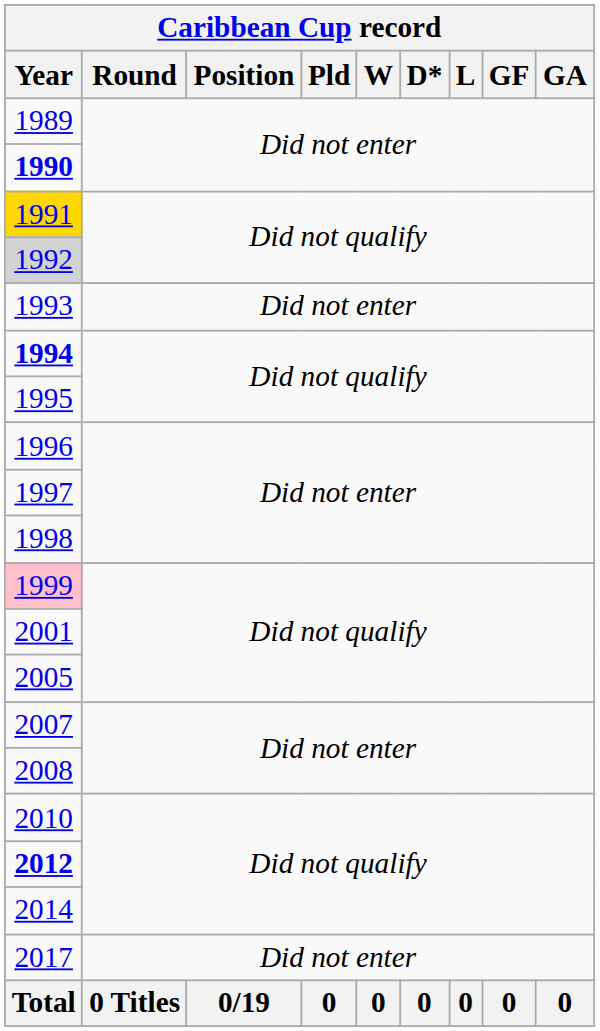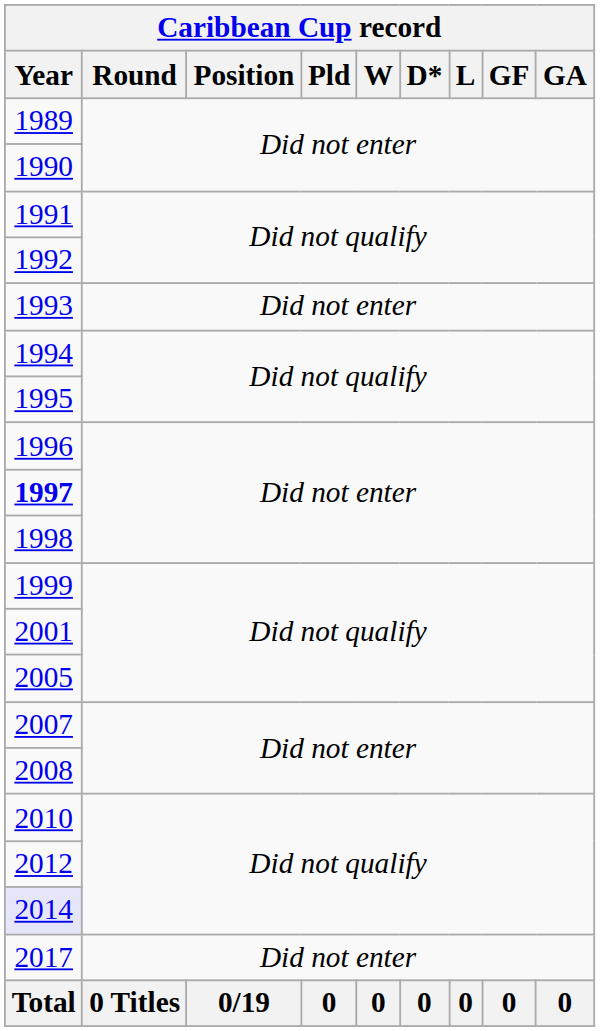 <table class="wikitable" style="text-align: center;">
 <tr>
 <th colspan=9><a href='#'>Caribbean Cup</a> record</th>
 </tr>
 <tr>
 <th>Year</th>
 <th>Round</th>
 <th>Position</th>
 <th>Pld</th>
 <th>W</th>
 <th>D*</th>
 <th>L</th>
 <th>GF</th>
 <th>GA</th>
 </tr>
 <tr>
 <td> <a href='#'>1989</a></td>
 <td colspan=8 rowspan=2><em>Did not enter</em></td>
 </tr>
 <tr>
-<td><strong> <a href='#'>1990</a></strong></td>
+<td> <a href='#'>1990</a></td>
 </tr>
 <tr>
-<td style="background: gold;"> <a href='#'>1991</a></td>
+<td> <a href='#'>1991</a></td>
 <td Colspan=8 rowspan=2><em>Did not qualify</em></td>
 </tr>
 <tr>
-<td style="background: lightgrey;"> <a href='#'>1992</a></td>
+<td> <a href='#'>1992</a></td>
 </tr>
 <tr>
 <td> <a href='#'>1993</a></td>
 <td Colspan=8><em>Did not enter</em></td>
 </tr>
 <tr>
-<td><strong> <a href='#'>1994</a></strong></td>
+<td> <a href='#'>1994</a></td>
 <td Colspan=8 rowspan=2><em>Did not qualify</em></td>
 </tr>
 <tr>
 <td>  <a href='#'>1995</a></td>
 </tr>
 <tr>
 <td> <a href='#'>1996</a></td>
 <td Colspan=8 rowspan=3><em>Did not enter</em></td>
 </tr>
 <tr>
-<td>  <a href='#'>1997</a></td>
+<td><strong>  <a href='#'>1997</a></strong></td>
 </tr>
 <tr>
 <td>  <a href='#'>1998</a></td>
 </tr>
 <tr>
-<td style="background: pink;"> <a href='#'>1999</a></td>
+<td> <a href='#'>1999</a></td>
 <td Colspan=8 rowspan=3><em>Did not qualify</em></td>
 </tr>
 <tr>
 <td> <a href='#'>2001</a></td>
 </tr>
 <tr>
 <td> <a href='#'>2005</a></td>
 </tr>
 <tr>
 <td> <a href='#'>2007</a></td>
 <td Colspan=8 rowspan=2><em>Did not enter</em></td>
 </tr>
 <tr>
 <td> <a href='#'>2008</a></td>
 </tr>
 <tr>
 <td> <a href='#'>2010</a></td>
 <td Colspan=8 rowspan=3><em>Did not qualify</em></td>
 </tr>
 <tr>
-<td><strong> <a href='#'>2012</a></strong></td>
+<td> <a href='#'>2012</a></td>
 </tr>
 <tr>
-<td> <a href='#'>2014</a></td>
+<td style="background: lavender;"> <a href='#'>2014</a></td>
 </tr>
 <tr>
 <td> <a href='#'>2017</a></td>
 <td Colspan=8><em>Did not enter</em></td>
 </tr>
 <tr>
 <th>Total</th>
 <th>0 Titles</th>
 <th>0/19</th>
 <th>0</th>
 <th>0</th>
 <th>0</th>
 <th>0</th>
 <th>0</th>
 <th>0</th>
 </tr>
 </table>
